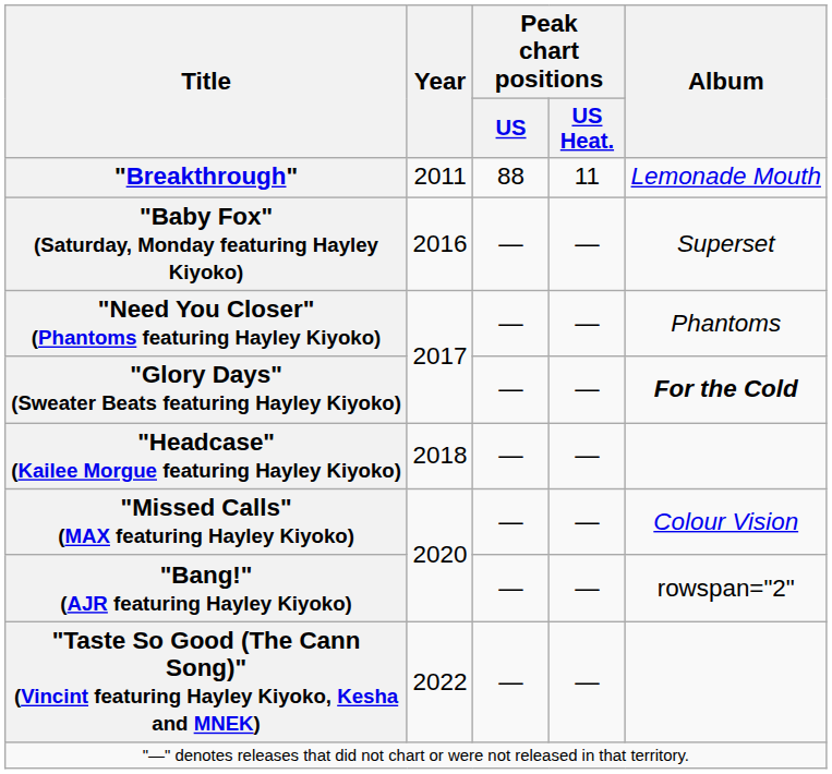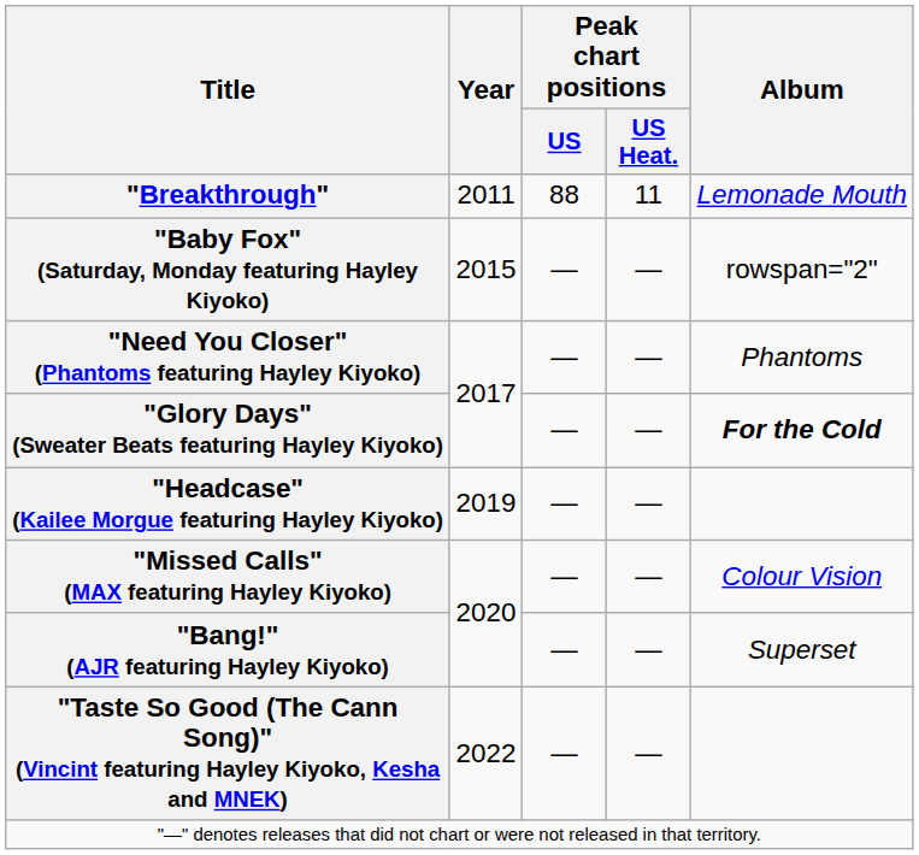 <table class="wikitable plainrowheaders" style="text-align:center;" border="1">
 <tr>
 <th scope="col" rowspan="2" style="width:16em;">Title</th>
 <th scope="col" rowspan="2">Year</th>
 <th scope="col" colspan="2">Peak<br>chart<br>positions</th>
 <th scope="col" rowspan="2">Album</th>
 </tr>
 <tr>
 <th scope="col" style="width:3em;font-size:90%;"><a href='#'>US</a><br></th>
 <th scope="col" style="width:3em;font-size:90%;"><a href='#'>US<br>Heat.</a><br></th>
 </tr>
 <tr>
 <th scope="row">"<a href='#'>Breakthrough</a>"<br></th>
 <td>2011</td>
 <td>88</td>
 <td>11</td>
 <td><em><a href='#'>Lemonade Mouth</a></em></td>
 </tr>
 <tr>
 <th scope="row">"Baby Fox"<br><small>(Saturday, Monday featuring Hayley Kiyoko)</small></th>
-<td>2016</td>
+<td>2015</td>
 <td>—</td>
 <td>—</td>
-<td><em>Superset</em></td>
+<td>rowspan="2" </td>
 </tr>
 <tr>
 <th scope="row">"Need You Closer"<br><small>(<a href='#'>Phantoms</a> featuring Hayley Kiyoko)</small></th>
 <td rowspan="2">2017</td>
 <td>—</td>
 <td>—</td>
 <td><em>Phantoms</em></td>
 </tr>
 <tr>
 <th scope="row">"Glory Days"<br><small>(Sweater Beats featuring Hayley Kiyoko)</small></th>
 <td>—</td>
 <td>—</td>
 <td><strong><em>For the Cold</em></strong></td>
 </tr>
 <tr>
 <th scope="row">"Headcase"<br><small>(<a href='#'>Kailee Morgue</a> featuring Hayley Kiyoko)</small></th>
-<td>2018</td>
+<td>2019</td>
 <td>—</td>
 <td>—</td>
 <td></td>
 </tr>
 <tr>
 <th scope="row">"Missed Calls"<br><small>(<a href='#'>MAX</a> featuring Hayley Kiyoko)</small></th>
 <td rowspan="2">2020</td>
 <td>—</td>
 <td>—</td>
 <td><em><a href='#'>Colour Vision</a></em></td>
 </tr>
 <tr>
 <th scope="row">"Bang!" <br><small>(<a href='#'>AJR</a> featuring Hayley Kiyoko)</small></th>
 <td>—</td>
 <td>—</td>
-<td>rowspan="2" </td>
+<td><em>Superset</em></td>
 </tr>
 <tr>
 <th scope="row">"Taste So Good (The Cann Song)"<br><small>(<a href='#'>Vincint</a> featuring Hayley Kiyoko, <a href='#'>Kesha</a> and <a href='#'>MNEK</a>)</small></th>
 <td>2022</td>
 <td>—</td>
 <td>—</td>
 </tr>
 <tr>
 <td align="center" colspan="12" style="font-size:8pt">"—" denotes releases that did not chart or were not released in that territory.</td>
 </tr>
 </table>
